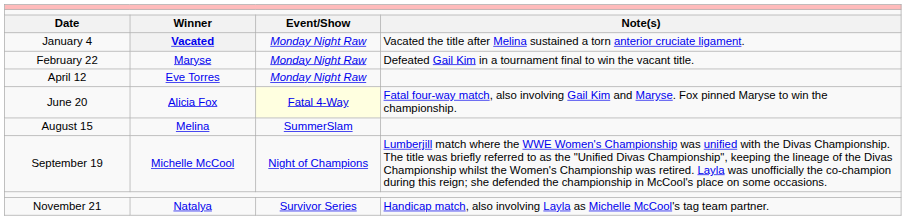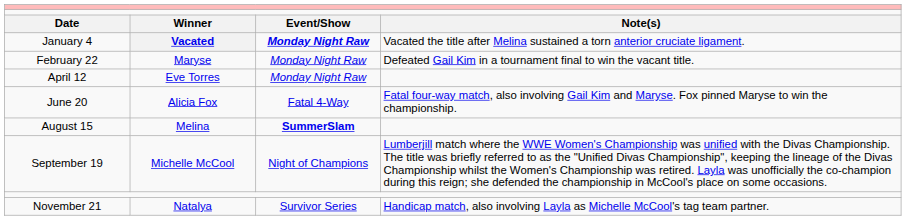 <table class="wikitable" style="text-align:center; width:100%;">
 <tr style="background:#FBB;">
 <td colspan="5"></td>
 </tr>
 <tr>
 <td colspan="5"><strong></strong></td>
 </tr>
 <tr>
 <th width=14%>Date</th>
 <th width=14%>Winner</th>
 <th width=14%>Event/Show</th>
 <th width=58%>Note(s)</th>
 </tr>
 <tr>
 <td>January 4</td>
 <th><a href='#'>Vacated</a></th>
-<td><em><a href='#'>Monday Night Raw</a></em></td>
+<td><strong><em><a href='#'>Monday Night Raw</a></em></strong></td>
 <td align=left>Vacated the title after <a href='#'>Melina</a> sustained a torn <a href='#'>anterior cruciate ligament</a>.</td>
 </tr>
 <tr>
 <td>February 22</td>
 <td><a href='#'>Maryse</a></td>
 <td><em><a href='#'>Monday Night Raw</a></em></td>
 <td align=left>Defeated <a href='#'>Gail Kim</a> in a tournament final to win the vacant title.</td>
 </tr>
 <tr>
 <td>April 12</td>
 <td><a href='#'>Eve Torres</a></td>
 <td><em><a href='#'>Monday Night Raw</a></em></td>
 <td></td>
 </tr>
 <tr>
 <td>June 20</td>
 <td><a href='#'>Alicia Fox</a></td>
-<td style="background: lightyellow;"><a href='#'>Fatal 4-Way</a></td>
+<td><a href='#'>Fatal 4-Way</a></td>
 <td align=left><a href='#'>Fatal four-way match</a>, also involving <a href='#'>Gail Kim</a> and <a href='#'>Maryse</a>. Fox pinned Maryse to win the championship.</td>
 </tr>
 <tr>
 <td>August 15</td>
 <td><a href='#'>Melina</a></td>
-<td><a href='#'>SummerSlam</a></td>
+<td><strong><a href='#'>SummerSlam</a></strong></td>
 <td></td>
 </tr>
 <tr>
 <td>September 19</td>
 <td><a href='#'>Michelle McCool</a></td>
 <td><a href='#'>Night of Champions</a></td>
 <td align=left><a href='#'>Lumberjill</a> match where the <a href='#'>WWE Women's Championship</a> was <a href='#'>unified</a> with the Divas Championship. The title was briefly referred to as the "Unified Divas Championship", keeping the lineage of the Divas Championship whilst the Women's Championship was retired. <a href='#'>Layla</a> was unofficially the co-champion during this reign; she defended the championship in McCool's place on some occasions.</td>
 </tr>
 <tr>
 <td colspan="5"></td>
 </tr>
 <tr>
 <td>November 21</td>
 <td><a href='#'>Natalya</a></td>
 <td><a href='#'>Survivor Series</a></td>
 <td align=left><a href='#'>Handicap match</a>, also involving <a href='#'>Layla</a> as <a href='#'>Michelle McCool</a>'s tag team partner.</td>
 </tr>
 </table>
